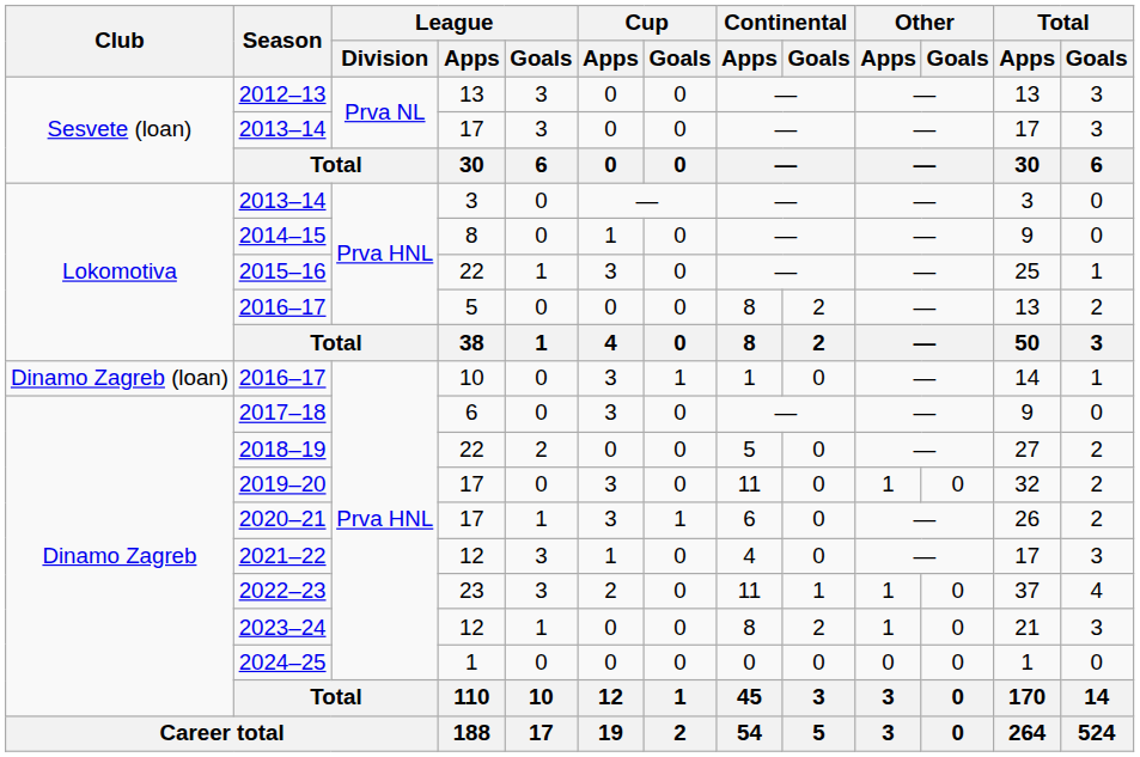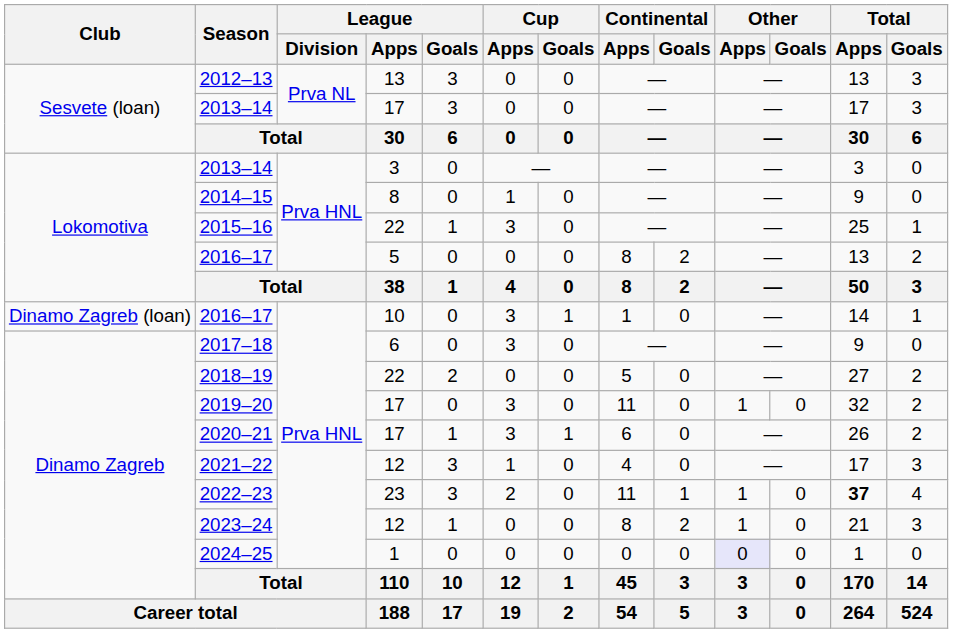 <table class="wikitable" style="text-align: center;">
 <tr>
 <th rowspan="2">Club</th>
 <th rowspan="2">Season</th>
 <th colspan="3">League</th>
 <th colspan="2">Cup</th>
 <th colspan="2">Continental</th>
 <th colspan="2">Other</th>
 <th colspan="2">Total</th>
 </tr>
 <tr>
 <th>Division</th>
 <th>Apps</th>
 <th>Goals</th>
 <th>Apps</th>
 <th>Goals</th>
 <th>Apps</th>
 <th>Goals</th>
 <th>Apps</th>
 <th>Goals</th>
 <th>Apps</th>
 <th>Goals</th>
 </tr>
 <tr>
 <td rowspan="3"><a href='#'>Sesvete</a> (loan)</td>
 <td><a href='#'>2012–13</a></td>
 <td rowspan="2"><a href='#'>Prva NL</a></td>
 <td>13</td>
 <td>3</td>
 <td>0</td>
 <td>0</td>
 <td colspan="2">—</td>
 <td colspan="2">—</td>
 <td>13</td>
 <td>3</td>
 </tr>
 <tr>
 <td><a href='#'>2013–14</a></td>
 <td>17</td>
 <td>3</td>
 <td>0</td>
 <td>0</td>
 <td colspan="2">—</td>
 <td colspan="2">—</td>
 <td>17</td>
 <td>3</td>
 </tr>
 <tr>
 <th colspan="2">Total</th>
 <th>30</th>
 <th>6</th>
 <th>0</th>
 <th>0</th>
 <th colspan="2">—</th>
 <th colspan="2">—</th>
 <th>30</th>
 <th>6</th>
 </tr>
 <tr>
 <td rowspan="5"><a href='#'>Lokomotiva</a></td>
 <td><a href='#'>2013–14</a></td>
 <td rowspan="4"><a href='#'>Prva HNL</a></td>
 <td>3</td>
 <td>0</td>
 <td colspan="2">—</td>
 <td colspan="2">—</td>
 <td colspan="2">—</td>
 <td>3</td>
 <td>0</td>
 </tr>
 <tr>
 <td><a href='#'>2014–15</a></td>
 <td>8</td>
 <td>0</td>
 <td>1</td>
 <td>0</td>
 <td colspan="2">—</td>
 <td colspan="2">—</td>
 <td>9</td>
 <td>0</td>
 </tr>
 <tr>
 <td><a href='#'>2015–16</a></td>
 <td>22</td>
 <td>1</td>
 <td>3</td>
 <td>0</td>
 <td colspan="2">—</td>
 <td colspan="2">—</td>
 <td>25</td>
 <td>1</td>
 </tr>
 <tr>
 <td><a href='#'>2016–17</a></td>
 <td>5</td>
 <td>0</td>
 <td>0</td>
 <td>0</td>
 <td>8</td>
 <td>2</td>
 <td colspan="2">—</td>
 <td>13</td>
 <td>2</td>
 </tr>
 <tr>
 <th colspan="2">Total</th>
 <th>38</th>
 <th>1</th>
 <th>4</th>
 <th>0</th>
 <th>8</th>
 <th>2</th>
 <th colspan="2">—</th>
 <th>50</th>
 <th>3</th>
 </tr>
 <tr>
 <td><a href='#'>Dinamo Zagreb</a> (loan)</td>
 <td><a href='#'>2016–17</a></td>
 <td rowspan="9"><a href='#'>Prva HNL</a></td>
 <td>10</td>
 <td>0</td>
 <td>3</td>
 <td>1</td>
 <td>1</td>
 <td>0</td>
 <td colspan="2">—</td>
 <td>14</td>
 <td>1</td>
 </tr>
 <tr>
 <td rowspan="9"><a href='#'>Dinamo Zagreb</a></td>
 <td><a href='#'>2017–18</a></td>
 <td>6</td>
 <td>0</td>
 <td>3</td>
 <td>0</td>
 <td colspan="2">—</td>
 <td colspan="2">—</td>
 <td>9</td>
 <td>0</td>
 </tr>
 <tr>
 <td><a href='#'>2018–19</a></td>
 <td>22</td>
 <td>2</td>
 <td>0</td>
 <td>0</td>
 <td>5</td>
 <td>0</td>
 <td colspan="2">—</td>
 <td>27</td>
 <td>2</td>
 </tr>
 <tr>
 <td><a href='#'>2019–20</a></td>
 <td>17</td>
 <td>0</td>
 <td>3</td>
 <td>0</td>
 <td>11</td>
 <td>0</td>
 <td>1</td>
 <td>0</td>
 <td>32</td>
 <td>2</td>
 </tr>
 <tr>
 <td><a href='#'>2020–21</a></td>
 <td>17</td>
 <td>1</td>
 <td>3</td>
 <td>1</td>
 <td>6</td>
 <td>0</td>
 <td colspan="2">—</td>
 <td>26</td>
 <td>2</td>
 </tr>
 <tr>
 <td><a href='#'>2021–22</a></td>
 <td>12</td>
 <td>3</td>
 <td>1</td>
 <td>0</td>
 <td>4</td>
 <td>0</td>
 <td colspan="2">—</td>
 <td>17</td>
 <td>3</td>
 </tr>
 <tr>
 <td><a href='#'>2022–23</a></td>
 <td>23</td>
 <td>3</td>
 <td>2</td>
 <td>0</td>
 <td>11</td>
 <td>1</td>
 <td>1</td>
 <td>0</td>
-<td>37</td>
+<td><strong>37</strong></td>
 <td>4</td>
 </tr>
 <tr>
 <td><a href='#'>2023–24</a></td>
 <td>12</td>
 <td>1</td>
 <td>0</td>
 <td>0</td>
 <td>8</td>
 <td>2</td>
 <td>1</td>
 <td>0</td>
 <td>21</td>
 <td>3</td>
 </tr>
 <tr>
 <td><a href='#'>2024–25</a></td>
 <td>1</td>
 <td>0</td>
 <td>0</td>
 <td>0</td>
 <td>0</td>
 <td>0</td>
-<td>0</td>
+<td style="background: lavender;">0</td>
 <td>0</td>
 <td>1</td>
 <td>0</td>
 </tr>
 <tr>
 <th colspan="2">Total</th>
 <th>110</th>
 <th>10</th>
 <th>12</th>
 <th>1</th>
 <th>45</th>
 <th>3</th>
 <th>3</th>
 <th>0</th>
 <th>170</th>
 <th>14</th>
 </tr>
 <tr>
 <th colspan="3">Career total</th>
 <th>188</th>
 <th>17</th>
 <th>19</th>
 <th>2</th>
 <th>54</th>
 <th>5</th>
 <th>3</th>
 <th>0</th>
 <th>264</th>
 <th>524</th>
 </tr>
 </table>
